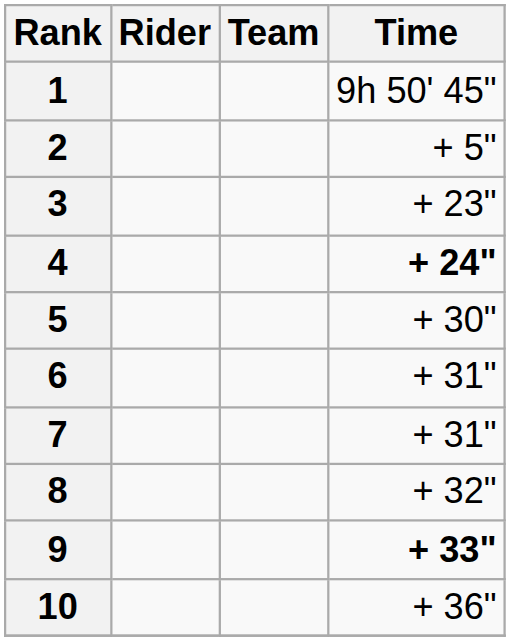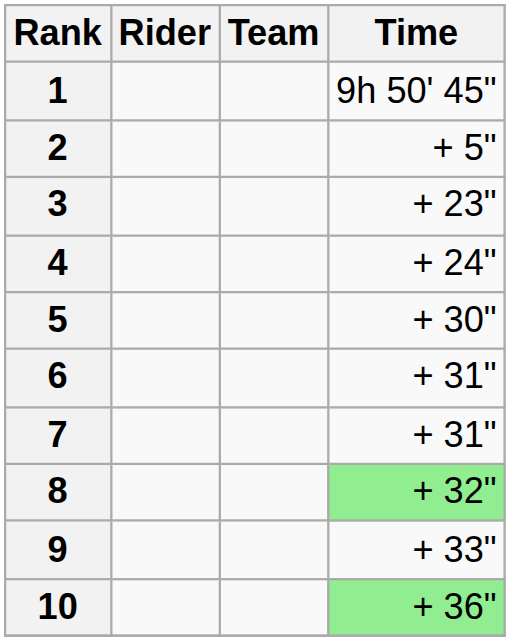 <table class="wikitable" margin-bottom:0;">
 <tr>
 <th scope="col">Rank</th>
 <th scope="col">Rider</th>
 <th scope="col">Team</th>
 <th scope="col">Time</th>
 </tr>
 <tr>
 <th scope="row">1</th>
 <td> </td>
 <td></td>
 <td align="right">9h 50' 45"</td>
 </tr>
 <tr>
 <th scope="row">2</th>
 <td></td>
 <td></td>
 <td align="right">+ 5"</td>
 </tr>
 <tr>
 <th scope="row">3</th>
 <td> </td>
 <td></td>
 <td align="right">+ 23"</td>
 </tr>
 <tr>
 <th scope="row">4</th>
 <td></td>
 <td></td>
-<td align="right"><strong>+ 24"</strong></td>
+<td align="right">+ 24"</td>
 </tr>
 <tr>
 <th scope="row">5</th>
 <td></td>
 <td></td>
 <td align="right">+ 30"</td>
 </tr>
 <tr>
 <th scope="row">6</th>
 <td></td>
 <td></td>
 <td align="right">+ 31"</td>
 </tr>
 <tr>
 <th scope="row">7</th>
 <td></td>
 <td></td>
 <td align="right">+ 31"</td>
 </tr>
 <tr>
 <th scope="row">8</th>
 <td></td>
 <td></td>
-<td align="right">+ 32"</td>
+<td align="right" style="background: lightgreen;">+ 32"</td>
 </tr>
 <tr>
 <th scope="row">9</th>
 <td></td>
 <td></td>
-<td align="right"><strong>+ 33"</strong></td>
+<td align="right">+ 33"</td>
 </tr>
 <tr>
 <th scope="row">10</th>
 <td></td>
 <td></td>
-<td align="right">+ 36"</td>
+<td align="right" style="background: lightgreen;">+ 36"</td>
 </tr>
 <tr>
 </tr>
 </table>
